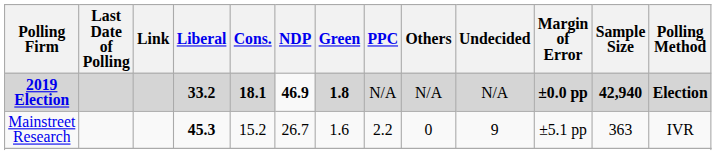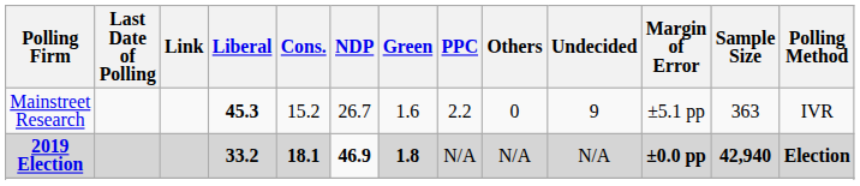 <table class="wikitable sortable" style="text-align:center;font-size:90%;line-height:14px;">
 <tr style="background:#e9e9e9;">
 <th style="width:120px">Polling Firm</th>
 <th style="width:110px">Last Date<br>of Polling</th>
 <th style="width:60px" class="unsortable">Link</th>
 <th style="background-color:"><a href='#'>Liberal</a></th>
 <th style="background-color:"><a href='#'>Cons.</a></th>
 <th style="background-color:"><a href='#'>NDP</a></th>
 <th style="background-color:"><a href='#'>Green</a></th>
 <th style="background-color:"><a href='#'><span>PPC</span></a></th>
 <th style="background-color:">Others</th>
 <th style="background-color:">Undecided</th>
 <th style="width:60px;" class=unsortable>Margin<br>of Error</th>
 <th style="width:50px;" class=unsortable>Sample<br>Size</th>
 <th class=unsortable>Polling Method</th>
 </tr>
 <tr>
+<td><a href='#'>Mainstreet Research</a></td>
+<td></td>
+<td></td>
+<td><strong>45.3</strong></td>
+<td>15.2</td>
+<td>26.7</td>
+<td>1.6</td>
+<td>2.2</td>
+<td>0</td>
+<td>9</td>
+<td>±5.1 pp</td>
+<td>363</td>
+<td>IVR</td>
+</tr>
+<tr>
 <td style="background:#D5D5D5"><strong><a href='#'>2019 Election</a></strong></td>
 <td style="background:#D5D5D5"><strong></strong></td>
 <td style="background:#D5D5D5"></td>
 <td style="background:#D5D5D5"><strong>33.2</strong></td>
 <td style="background:#D5D5D5"><strong>18.1</strong></td>
 <td><strong>46.9</strong></td>
 <td style="background:#D5D5D5"><strong>1.8</strong></td>
 <td style="background:#D5D5D5">N/A</td>
 <td style="background:#D5D5D5">N/A</td>
 <td style="background:#D5D5D5">N/A</td>
 <td style="background:#D5D5D5"><strong>±0.0 pp</strong></td>
 <td style="background:#D5D5D5"><strong>42,940</strong></td>
 <td style="background:#D5D5D5"><strong>Election</strong></td>
 </tr>
 <tr>
-<td><a href='#'>Mainstreet Research</a></td>
-<td></td>
-<td></td>
-<td><strong>45.3</strong></td>
-<td>15.2</td>
-<td>26.7</td>
-<td>1.6</td>
-<td>2.2</td>
-<td>0</td>
-<td>9</td>
-<td>±5.1 pp</td>
-<td>363</td>
-<td>IVR</td>
-</tr>
-<tr>
 </tr>
 <tr>
 </tr>
 </table>
